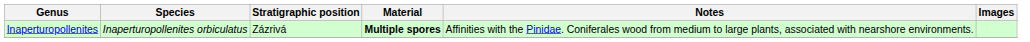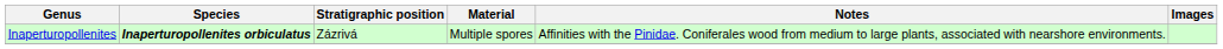 <table class = "wikitable sortable">
 <tr>
 <th>Genus</th>
 <th>Species</th>
 <th>Stratigraphic position</th>
 <th>Material</th>
 <th>Notes</th>
 <th>Images</th>
 </tr>
 <tr>
 <td style="background:#D1FFCF;"><a href='#'>Inaperturopollenites</a></td>
-<td style="background:#D1FFCF;"><em>Inaperturopollenites orbiculatus</em></td>
+<td style="background:#D1FFCF;"><strong><em>Inaperturopollenites orbiculatus</em></strong></td>
 <td style="background:#D1FFCF;">Zázrivá</td>
-<td style="background:#D1FFCF;"><strong>Multiple spores</strong></td>
+<td style="background:#D1FFCF;">Multiple spores</td>
 <td style="background:#D1FFCF;">Affinities with the <a href='#'>Pinidae</a>. Coniferales wood from medium to large plants, associated with nearshore environments.</td>
 <td style="background:#D1FFCF;"></td>
 </tr>
 <tr>
 </tr>
 </table>
